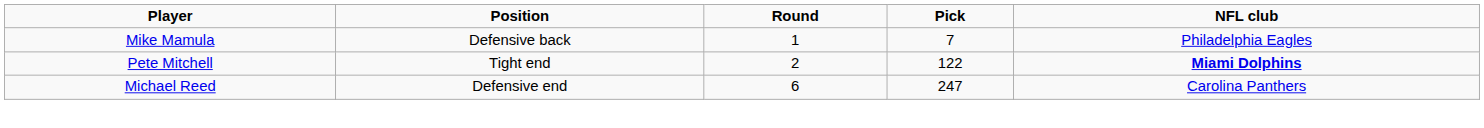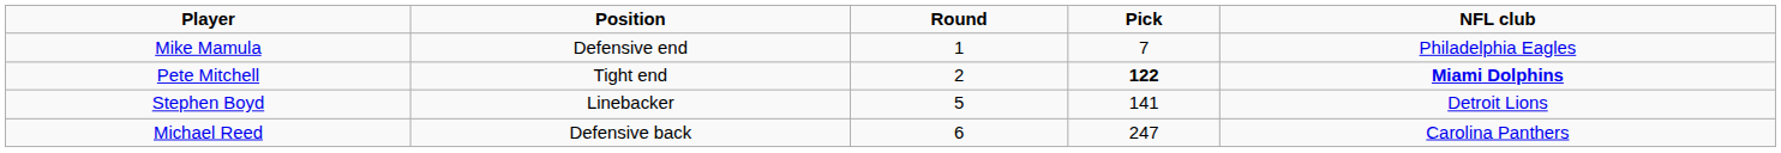 <table class="wikitable" width="80%">
 <tr align="center">
 <td><strong>Player</strong></td>
 <td><strong>Position</strong></td>
 <td><strong>Round</strong></td>
 <td><strong>Pick</strong></td>
 <td><strong>NFL club</strong></td>
 </tr>
 <tr align="center" bgcolor="">
 <td><a href='#'>Mike Mamula</a></td>
-<td>Defensive back</td>
+<td>Defensive end</td>
 <td>1</td>
 <td>7</td>
 <td><a href='#'>Philadelphia Eagles</a></td>
 </tr>
 <tr align="center" bgcolor="">
 <td><a href='#'>Pete Mitchell</a></td>
 <td>Tight end</td>
 <td>2</td>
-<td>122</td>
+<td><strong>122</strong></td>
 <td><strong><a href='#'>Miami Dolphins</a></strong></td>
 </tr>
 <tr align="center" bgcolor="">
+<td><a href='#'>Stephen Boyd</a></td>
+<td>Linebacker</td>
+<td>5</td>
+<td>141</td>
+<td><a href='#'>Detroit Lions</a></td>
+</tr>
+<tr align="center" bgcolor="">
 <td><a href='#'>Michael Reed</a></td>
-<td>Defensive end</td>
+<td>Defensive back</td>
 <td>6</td>
 <td>247</td>
 <td><a href='#'>Carolina Panthers</a></td>
 </tr>
 </table>
